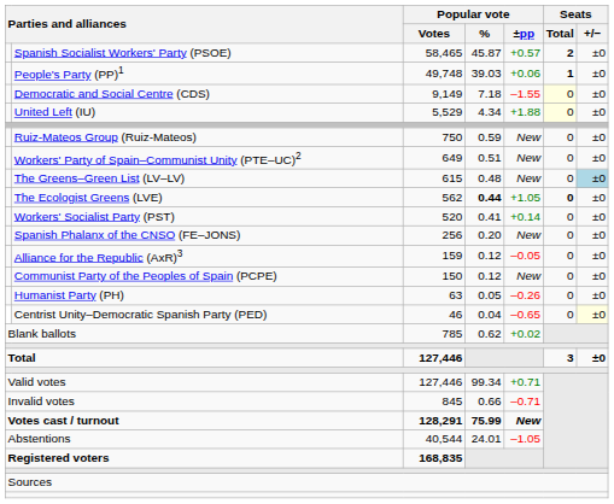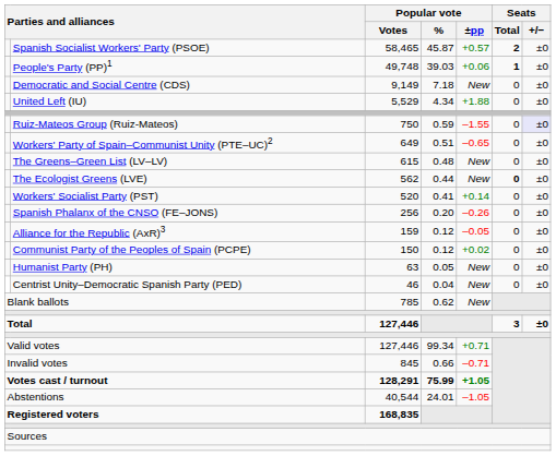 <table class="wikitable" style="text-align:right;">
 <tr>
 <th style="text-align:left;" rowspan="2" colspan="2" width="525">Parties and alliances</th>
 <th colspan="3">Popular vote</th>
 <th colspan="2">Seats</th>
 </tr>
 <tr>
 <th width="75">Votes</th>
 <th width="45">%</th>
 <th width="45">±<a href='#'>pp</a></th>
 <th width="35">Total</th>
 <th width="35">+/−</th>
 </tr>
 <tr>
 <td width="1" style="color:inherit;background:"></td>
 <td align="left"><a href='#'>Spanish Socialist Workers' Party</a> (PSOE)</td>
 <td>58,465</td>
 <td>45.87</td>
 <td style="color:green;">+0.57</td>
 <td><strong>2</strong></td>
 <td>±0</td>
 </tr>
 <tr>
 <td style="color:inherit;background:"></td>
 <td align="left"><a href='#'>People's Party</a> (PP)<sup>1</sup></td>
 <td>49,748</td>
 <td>39.03</td>
 <td style="color:green;">+0.06</td>
 <td><strong>1</strong></td>
 <td>±0</td>
 </tr>
 <tr>
 <td style="color:inherit;background:"></td>
 <td align="left"><a href='#'>Democratic and Social Centre</a> (CDS)</td>
 <td>9,149</td>
 <td>7.18</td>
-<td style="color:red;">–1.55</td>
-<td style="background: lightyellow;">0</td>
+<td><em>New</em></td>
+<td>0</td>
 <td>±0</td>
 </tr>
 <tr>
 <td style="color:inherit;background:"></td>
 <td align="left"><a href='#'>United Left</a> (IU)</td>
 <td>5,529</td>
 <td>4.34</td>
 <td style="color:green;">+1.88</td>
-<td style="background: lightyellow;">0</td>
+<td>0</td>
 <td>±0</td>
 </tr>
 <tr>
 <td colspan="7" bgcolor="#C0C0C0"></td>
 </tr>
 <tr>
 <td style="color:inherit;background:"></td>
 <td align="left"><a href='#'>Ruiz-Mateos Group</a> (Ruiz-Mateos)</td>
 <td>750</td>
 <td>0.59</td>
-<td><em>New</em></td>
+<td style="color:red;">–1.55</td>
 <td>0</td>
-<td>±0</td>
+<td style="background: lavender;">±0</td>
 </tr>
 <tr>
 <td style="color:inherit;background:"></td>
 <td align="left"><a href='#'>Workers' Party of Spain–Communist Unity</a> (PTE–UC)<sup>2</sup></td>
 <td>649</td>
 <td>0.51</td>
-<td><em>New</em></td>
+<td style="color:red;">–0.65</td>
 <td>0</td>
 <td>±0</td>
 </tr>
 <tr>
 <td style="color:inherit;background:"></td>
 <td align="left"><a href='#'>The Greens–Green List</a> (LV–LV)</td>
 <td>615</td>
 <td>0.48</td>
 <td><em>New</em></td>
 <td>0</td>
-<td style="background: lightblue;">±0</td>
+<td>±0</td>
 </tr>
 <tr>
 <td style="color:inherit;background:"></td>
 <td align="left"><a href='#'>The Ecologist Greens</a> (LVE)</td>
 <td>562</td>
-<td><strong>0.44</strong></td>
-<td style="color:green;">+1.05</td>
+<td>0.44</td>
+<td><em>New</em></td>
 <td><strong>0</strong></td>
 <td>±0</td>
 </tr>
 <tr>
 <td style="color:inherit;background:"></td>
 <td align="left"><a href='#'>Workers' Socialist Party</a> (PST)</td>
 <td>520</td>
 <td>0.41</td>
 <td style="color:green;">+0.14</td>
 <td>0</td>
 <td>±0</td>
 </tr>
 <tr>
 <td style="color:inherit;background:"></td>
 <td align="left"><a href='#'>Spanish Phalanx of the CNSO</a> (FE–JONS)</td>
 <td>256</td>
 <td>0.20</td>
-<td><em>New</em></td>
+<td style="color:red;">–0.26</td>
 <td>0</td>
 <td>±0</td>
 </tr>
 <tr>
 <td style="color:inherit;background:"></td>
 <td align="left"><a href='#'>Alliance for the Republic</a> (AxR)<sup>3</sup></td>
 <td>159</td>
 <td>0.12</td>
 <td style="color:red;">–0.05</td>
 <td>0</td>
 <td>±0</td>
 </tr>
 <tr>
 <td style="color:inherit;background:"></td>
 <td align="left"><a href='#'>Communist Party of the Peoples of Spain</a> (PCPE)</td>
 <td>150</td>
 <td>0.12</td>
-<td><em>New</em></td>
+<td style="color:green;">+0.02</td>
 <td>0</td>
 <td>±0</td>
 </tr>
 <tr>
 <td style="color:inherit;background:"></td>
 <td align="left"><a href='#'>Humanist Party</a> (PH)</td>
 <td>63</td>
 <td>0.05</td>
-<td style="color:red;">–0.26</td>
+<td><em>New</em></td>
 <td>0</td>
 <td>±0</td>
 </tr>
 <tr>
 <td bgcolor="white"></td>
 <td align="left">Centrist Unity–Democratic Spanish Party (PED)</td>
 <td>46</td>
 <td>0.04</td>
-<td style="color:red;">–0.65</td>
+<td><em>New</em></td>
 <td>0</td>
-<td style="background: lightyellow;">±0</td>
+<td>±0</td>
 </tr>
 <tr>
 <td align="left" colspan="2">Blank ballots</td>
 <td>785</td>
 <td>0.62</td>
-<td style="color:green;">+0.02</td>
+<td><em>New</em></td>
 <td bgcolor="#E9E9E9" colspan="2"></td>
 </tr>
 <tr>
 <td colspan="7" bgcolor="#E9E9E9"></td>
 </tr>
 <tr style="font-weight:bold;">
 <td align="left" colspan="2">Total</td>
 <td>127,446</td>
 <td bgcolor="#E9E9E9" colspan="2"></td>
 <td>3</td>
 <td>±0</td>
 </tr>
 <tr>
 <td colspan="7" bgcolor="#E9E9E9"></td>
 </tr>
 <tr>
 <td align="left" colspan="2">Valid votes</td>
 <td>127,446</td>
 <td>99.34</td>
 <td style="color:green;">+0.71</td>
 <td bgcolor="#E9E9E9" colspan="2" rowspan="5"></td>
 </tr>
 <tr>
 <td align="left" colspan="2">Invalid votes</td>
 <td>845</td>
 <td>0.66</td>
 <td style="color:red;">–0.71</td>
 </tr>
 <tr style="font-weight:bold;">
 <td align="left" colspan="2">Votes cast / turnout</td>
 <td>128,291</td>
 <td>75.99</td>
-<td><em>New</em></td>
+<td style="color:green;">+1.05</td>
 </tr>
 <tr>
 <td align="left" colspan="2">Abstentions</td>
 <td>40,544</td>
 <td>24.01</td>
 <td style="color:red;">–1.05</td>
 </tr>
 <tr style="font-weight:bold;">
 <td align="left" colspan="2">Registered voters</td>
 <td>168,835</td>
 <td bgcolor="#E9E9E9" colspan="2"></td>
 </tr>
 <tr>
 <td colspan="7" bgcolor="#E9E9E9"></td>
 </tr>
 <tr>
 <td align="left" colspan="7">Sources</td>
 </tr>
 <tr>
 <td colspan="7" style="text-align:left; max-width:790px;"></td>
 </tr>
 </table>
